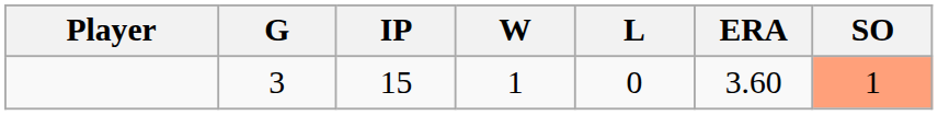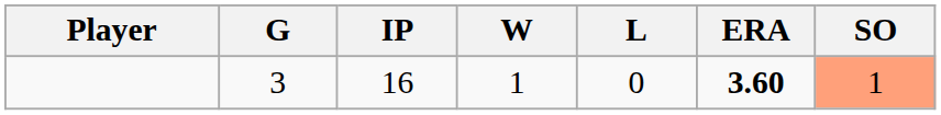 <table class="wikitable sortable">
 <tr>
 <th bgcolor="#DDDDFF" width="16%">Player</th>
 <th bgcolor="#DDDDFF" width="9%">G</th>
 <th bgcolor="#DDDDFF" width="9%">IP</th>
 <th bgcolor="#DDDDFF" width="9%">W</th>
 <th bgcolor="#DDDDFF" width="9%">L</th>
 <th bgcolor="#DDDDFF" width="9%">ERA</th>
 <th bgcolor="#DDDDFF" width="9%">SO</th>
 </tr>
 <tr align="center">
 <td></td>
 <td>3</td>
-<td>15</td>
+<td>16</td>
 <td>1</td>
 <td>0</td>
-<td>3.60</td>
+<td><strong>3.60</strong></td>
 <td style="background: lightsalmon;">1</td>
 </tr>
 </table>
